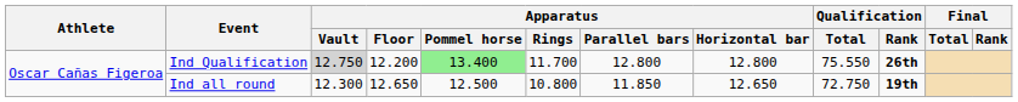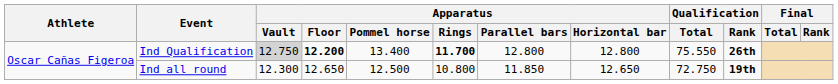 <table class="wikitable" style="font-size:90%">
 <tr>
 <th rowspan="2">Athlete</th>
 <th rowspan="2">Event</th>
 <th colspan = "6">Apparatus</th>
 <th colspan = "2">Qualification</th>
 <th colspan = "2">Final</th>
 </tr>
 <tr>
 <th>Vault</th>
 <th>Floor</th>
 <th>Pommel horse</th>
 <th>Rings</th>
 <th>Parallel bars</th>
 <th>Horizontal bar</th>
 <th>Total</th>
 <th>Rank</th>
 <th>Total</th>
 <th>Rank</th>
 </tr>
 <tr>
 <td rowspan="2"><a href='#'>Oscar Cañas Figeroa</a></td>
 <td><a href='#'>Ind Qualification</a></td>
 <td align=center style="background: lightgrey;">12.750</td>
-<td align=center>12.200</td>
-<td align=center style="background: lightgreen;">13.400</td>
-<td align=center>11.700</td>
+<td align=center><strong>12.200</strong></td>
+<td align=center>13.400</td>
+<td align=center><strong>11.700</strong></td>
 <td align=center>12.800</td>
 <td align=center>12.800</td>
 <td align=center>75.550</td>
 <td align=center><strong>26th</strong></td>
 <td align=center colspan=2 bgcolor=wheat></td>
 </tr>
 <tr>
 <td><a href='#'>Ind all round</a></td>
 <td align=center>12.300</td>
 <td align=center>12.650</td>
 <td align=center>12.500</td>
 <td align=center>10.800</td>
 <td align=center>11.850</td>
 <td align=center>12.650</td>
 <td align=center>72.750</td>
 <td align=center><strong>19th</strong></td>
 <td align=center colspan=2 bgcolor=wheat></td>
 </tr>
 </table>
